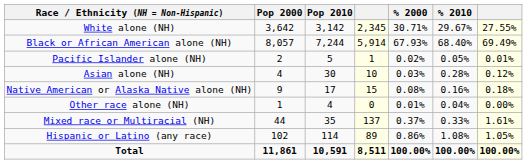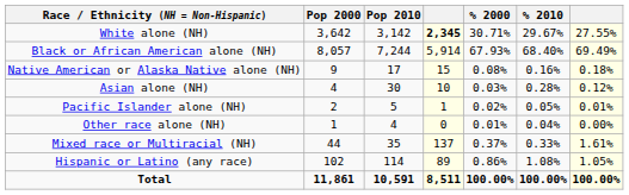 <table class="wikitable" style="text-align:center;">
 <tr>
 <th>Race / Ethnicity <small>(<em>NH = Non-Hispanic</em>)</small></th>
 <th>Pop 2000</th>
 <th>Pop 2010</th>
 <th></th>
 <th>% 2000</th>
 <th>% 2010</th>
 <th></th>
 </tr>
 <tr>
 <td><a href='#'>White</a> alone (NH)</td>
 <td>3,642</td>
 <td>3,142</td>
-<td style='background: #ffffe6;'>2,345</td>
+<td style='background: #ffffe6;'><strong>2,345</strong></td>
 <td>30.71%</td>
 <td>29.67%</td>
 <td style='background: #ffffe6;'>27.55%</td>
 </tr>
 <tr>
 <td><a href='#'>Black or African American</a> alone (NH)</td>
 <td>8,057</td>
 <td>7,244</td>
 <td style='background: #ffffe6;'>5,914</td>
 <td>67.93%</td>
 <td>68.40%</td>
 <td style='background: #ffffe6;'>69.49%</td>
 </tr>
 <tr>
-<td><a href='#'>Pacific Islander</a> alone (NH)</td>
-<td>2</td>
-<td>5</td>
-<td style='background: #ffffe6;'>1</td>
-<td>0.02%</td>
-<td>0.05%</td>
-<td style='background: #ffffe6;'>0.01%</td>
+<td><a href='#'>Native American</a> or <a href='#'>Alaska Native</a> alone (NH)</td>
+<td>9</td>
+<td>17</td>
+<td style='background: #ffffe6;'>15</td>
+<td>0.08%</td>
+<td>0.16%</td>
+<td style='background: #ffffe6;'>0.18%</td>
 </tr>
 <tr>
 <td><a href='#'>Asian</a> alone (NH)</td>
 <td>4</td>
 <td>30</td>
 <td style='background: #ffffe6;'>10</td>
 <td>0.03%</td>
 <td>0.28%</td>
 <td style='background: #ffffe6;'>0.12%</td>
 </tr>
 <tr>
-<td><a href='#'>Native American</a> or <a href='#'>Alaska Native</a> alone (NH)</td>
-<td>9</td>
-<td>17</td>
-<td style='background: #ffffe6;'>15</td>
-<td>0.08%</td>
-<td>0.16%</td>
-<td style='background: #ffffe6;'>0.18%</td>
+<td><a href='#'>Pacific Islander</a> alone (NH)</td>
+<td>2</td>
+<td>5</td>
+<td style='background: #ffffe6;'>1</td>
+<td>0.02%</td>
+<td>0.05%</td>
+<td style='background: #ffffe6;'>0.01%</td>
 </tr>
 <tr>
 <td><a href='#'>Other race</a> alone (NH)</td>
 <td>1</td>
 <td>4</td>
 <td style='background: #ffffe6;'>0</td>
 <td>0.01%</td>
 <td>0.04%</td>
 <td style='background: #ffffe6;'>0.00%</td>
 </tr>
 <tr>
 <td><a href='#'>Mixed race or Multiracial</a> (NH)</td>
 <td>44</td>
 <td>35</td>
 <td style='background: #ffffe6;'>137</td>
 <td>0.37%</td>
 <td>0.33%</td>
 <td style='background: #ffffe6;'>1.61%</td>
 </tr>
 <tr>
 <td><a href='#'>Hispanic or Latino</a> (any race)</td>
 <td>102</td>
 <td>114</td>
 <td style='background: #ffffe6;'>89</td>
 <td>0.86%</td>
 <td>1.08%</td>
 <td style='background: #ffffe6;'>1.05%</td>
 </tr>
 <tr>
 <td><strong>Total</strong></td>
 <td><strong>11,861</strong></td>
 <td><strong>10,591</strong></td>
 <td style='background: #ffffe6;'><strong>8,511</strong></td>
 <td><strong>100.00%</strong></td>
 <td><strong>100.00%</strong></td>
 <td style='background: #ffffe6;'><strong>100.00%</strong></td>
 </tr>
 </table>
